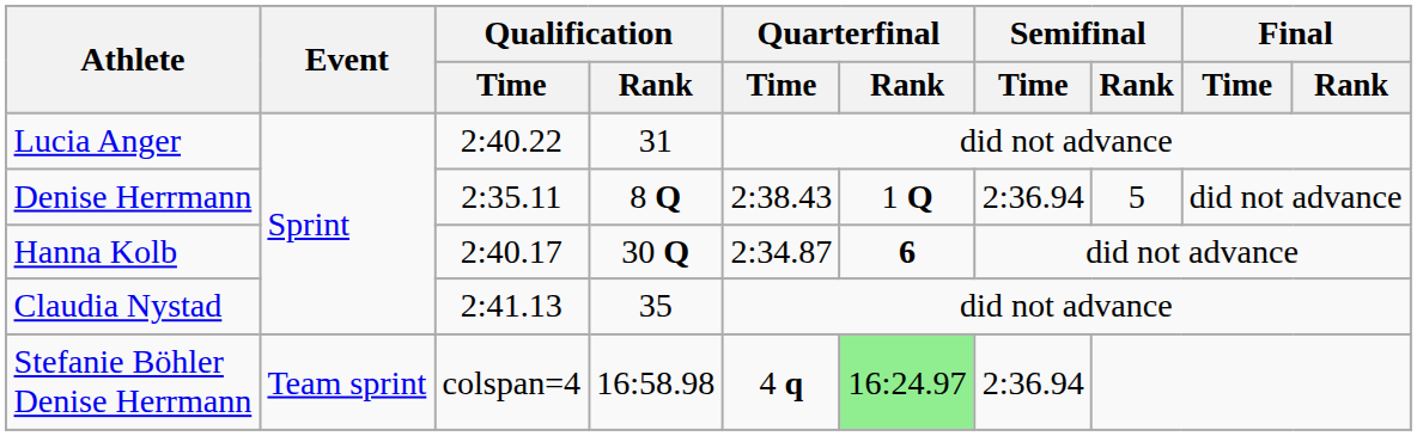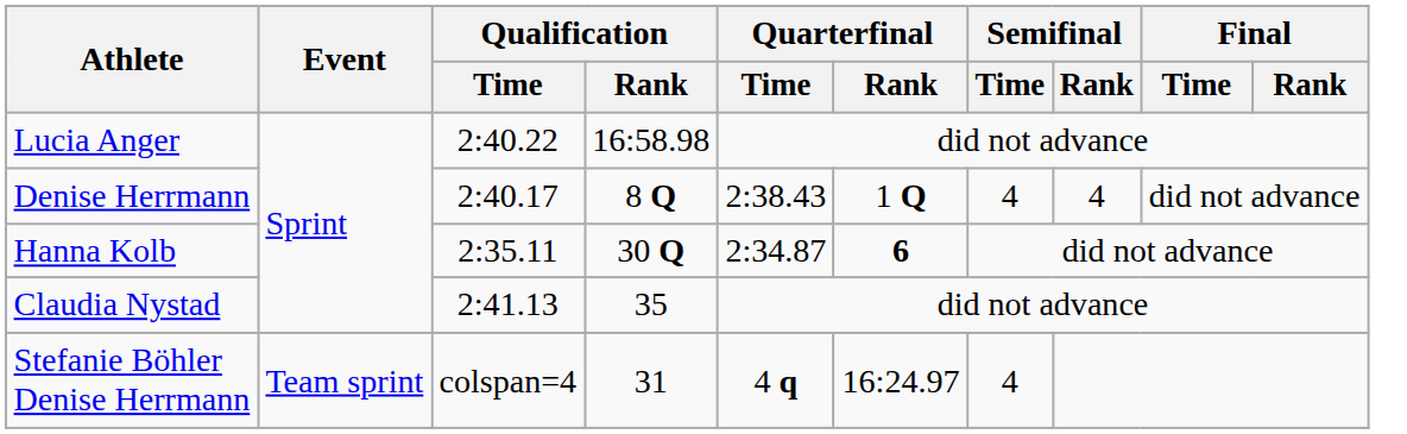 <table class="wikitable" style="font-size:90%">
 <tr>
 <th rowspan="2">Athlete</th>
 <th rowspan="2">Event</th>
 <th colspan="2">Qualification</th>
 <th colspan="2">Quarterfinal</th>
 <th colspan="2">Semifinal</th>
 <th colspan="2">Final</th>
 </tr>
 <tr style="font-size:95%">
 <th>Time</th>
 <th>Rank</th>
 <th>Time</th>
 <th>Rank</th>
 <th>Time</th>
 <th>Rank</th>
 <th>Time</th>
 <th>Rank</th>
 </tr>
 <tr align=center>
 <td align=left><a href='#'>Lucia Anger</a></td>
 <td align=left rowspan=4><a href='#'>Sprint</a></td>
 <td>2:40.22</td>
-<td>31</td>
+<td>16:58.98</td>
 <td colspan=6>did not advance</td>
 </tr>
 <tr align=center>
 <td align=left><a href='#'>Denise Herrmann</a></td>
-<td>2:35.11</td>
+<td>2:40.17</td>
 <td>8 <strong>Q</strong></td>
 <td>2:38.43</td>
 <td>1 <strong>Q</strong></td>
-<td>2:36.94</td>
-<td>5</td>
+<td>4</td>
+<td>4</td>
 <td colspan=2>did not advance</td>
 </tr>
 <tr align=center>
 <td align=left><a href='#'>Hanna Kolb</a></td>
-<td>2:40.17</td>
+<td>2:35.11</td>
 <td>30 <strong>Q</strong></td>
 <td>2:34.87</td>
 <td><strong>6</strong></td>
 <td colspan=4>did not advance</td>
 </tr>
 <tr align=center>
 <td align=left><a href='#'>Claudia Nystad</a></td>
 <td>2:41.13</td>
 <td>35</td>
 <td colspan=6>did not advance</td>
 </tr>
 <tr align=center>
 <td align=left><a href='#'>Stefanie Böhler</a><br><a href='#'>Denise Herrmann</a></td>
 <td align=left><a href='#'>Team sprint</a></td>
 <td>colspan=4 </td>
-<td>16:58.98</td>
+<td>31</td>
 <td>4 <strong>q</strong></td>
-<td style="background: lightgreen;">16:24.97</td>
-<td>2:36.94</td>
+<td>16:24.97</td>
+<td>4</td>
 </tr>
 </table>
